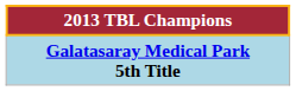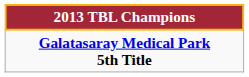 <table class="wikitable" style="margin: 0 auto; width: 20%;">
 <tr>
 <th style="background: #A32638; color: white; border: 2px solid #FCB514;">2013 TBL Champions</th>
 </tr>
 <tr>
-<td align=center style="background: lightblue;"><strong><a href='#'>Galatasaray Medical Park</a></strong><br><strong>5th Title</strong> <br></td>
+<td align=center><strong><a href='#'>Galatasaray Medical Park</a></strong><br><strong>5th Title</strong> <br></td>
 </tr>
 </table>
